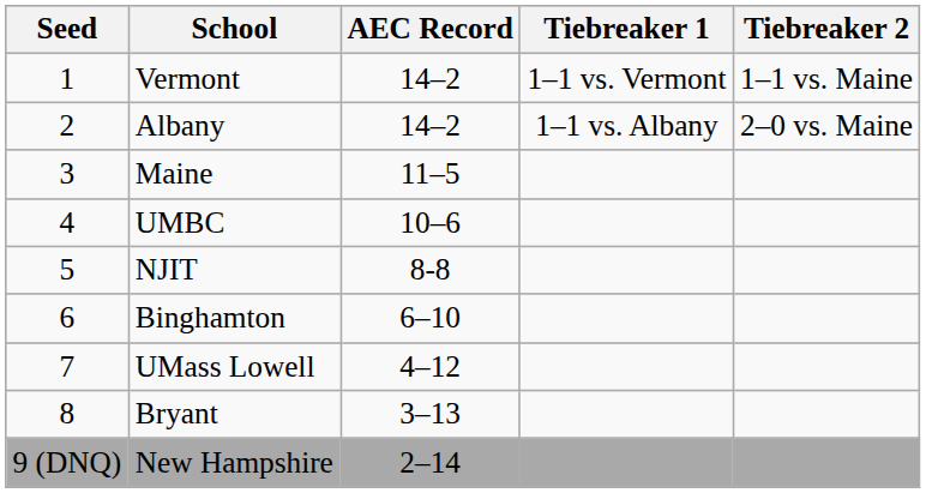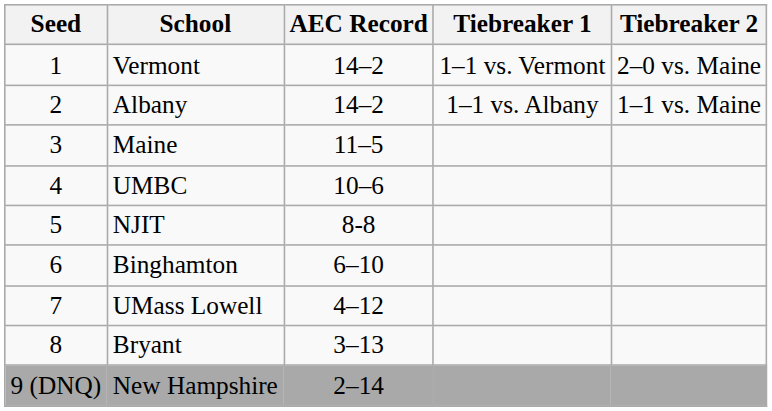 <table class="wikitable" style="text-align:center">
 <tr>
 <th>Seed</th>
 <th>School</th>
 <th>AEC Record</th>
 <th>Tiebreaker 1</th>
 <th>Tiebreaker 2</th>
 </tr>
 <tr>
 <td>1</td>
 <td align="left">Vermont</td>
 <td>14–2</td>
 <td>1–1 vs. Vermont</td>
-<td>1–1 vs. Maine</td>
+<td>2–0 vs. Maine</td>
 </tr>
 <tr>
 <td>2</td>
 <td align="left">Albany</td>
 <td>14–2</td>
 <td>1–1 vs. Albany</td>
-<td>2–0 vs. Maine</td>
+<td>1–1 vs. Maine</td>
 </tr>
 <tr>
 <td>3</td>
 <td align="left">Maine</td>
 <td>11–5</td>
 <td></td>
 <td></td>
 </tr>
 <tr>
 <td>4</td>
 <td align="left">UMBC</td>
 <td>10–6</td>
 <td></td>
 <td></td>
 </tr>
 <tr>
 <td>5</td>
 <td align="left">NJIT</td>
 <td>8-8</td>
 <td></td>
 <td></td>
 </tr>
 <tr>
 <td>6</td>
 <td align="left">Binghamton</td>
 <td>6–10</td>
 <td></td>
 <td></td>
 </tr>
 <tr>
 <td>7</td>
 <td align="left">UMass Lowell</td>
 <td>4–12</td>
 <td></td>
 <td></td>
 </tr>
 <tr>
 <td>8</td>
 <td align="left">Bryant</td>
 <td>3–13</td>
 <td></td>
 <td></td>
 </tr>
 <tr>
 <td bgcolor=darkgray>9 (DNQ)</td>
 <td bgcolor=darkgray align="left">New Hampshire</td>
 <td bgcolor=darkgray>2–14</td>
 <td bgcolor=darkgray></td>
 <td bgcolor=darkgray></td>
 </tr>
 <tr>
 </tr>
 </table>
